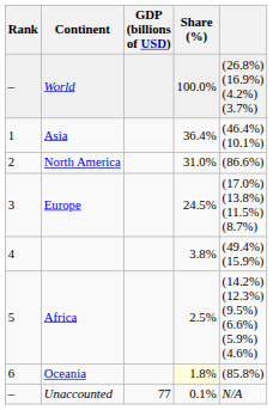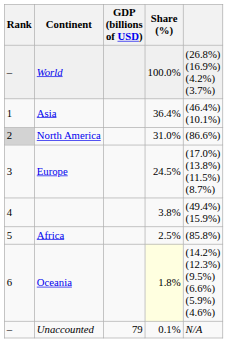 <table class="wikitable sortable">
 <tr>
 <th style="width:2em;">Rank</th>
 <th>Continent</th>
 <th>GDP<br>(billions<br>of <a href='#'>USD</a>)</th>
 <th>Share<br>(%)</th>
 <th></th>
 </tr>
 <tr style="font--3weight:bold;background:#f0f0f0">
 <td>–</td>
 <td><em><a href='#'>World</a></em></td>
 <td align=right></td>
 <td align=right>100.0%</td>
 <td> (26.8%)<br> (16.9%)<br> (4.2%)<br> (3.7%)</td>
 </tr>
 <tr>
 <td>1</td>
 <td><a href='#'>Asia</a></td>
 <td align=right></td>
 <td align=right>36.4%</td>
 <td> (46.4%)<br> (10.1%)</td>
 </tr>
 <tr>
-<td>2</td>
+<td style="background: lightgrey;">2</td>
 <td><a href='#'>North America</a></td>
 <td align=right></td>
 <td align=right>31.0%</td>
 <td> (86.6%)</td>
 </tr>
 <tr>
 <td>3</td>
 <td><a href='#'>Europe</a></td>
 <td align=right></td>
 <td align=right>24.5%</td>
 <td> (17.0%)<br> (13.8%)<br> (11.5%)<br> (8.7%)</td>
 </tr>
 <tr>
 <td>4</td>
 <td></td>
 <td align=right></td>
 <td align=right>3.8%</td>
 <td> (49.4%)<br> (15.9%)</td>
 </tr>
 <tr>
 <td>5</td>
 <td><a href='#'>Africa</a></td>
 <td align=right></td>
 <td align=right>2.5%</td>
-<td> (14.2%)<br> (12.3%)<br> (9.5%)<br> (6.6%)<br> (5.9%)<br> (4.6%)</td>
+<td> (85.8%)</td>
 </tr>
 <tr>
 <td>6</td>
 <td><a href='#'>Oceania</a></td>
 <td align=right></td>
 <td align=right style="background: lightyellow;">1.8%</td>
-<td> (85.8%)</td>
+<td> (14.2%)<br> (12.3%)<br> (9.5%)<br> (6.6%)<br> (5.9%)<br> (4.6%)</td>
 </tr>
 <tr>
 <td>–</td>
 <td><em>Unaccounted</em></td>
-<td align=right>77</td>
+<td align=right>79</td>
 <td align=right>0.1%</td>
 <td><em>N/A</em></td>
 </tr>
 </table>
